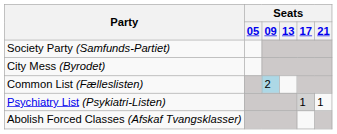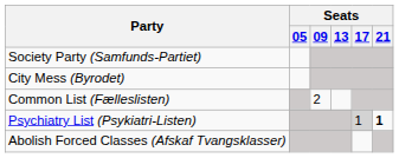 <table class="wikitable">
 <tr>
 <th rowspan=2>Party</th>
 <th colspan=11>Seats</th>
 </tr>
 <tr>
 <th><a href='#'>05</a></th>
 <th><a href='#'>09</a></th>
 <th><a href='#'>13</a></th>
 <th><a href='#'>17</a></th>
 <th><a href='#'>21</a></th>
 </tr>
 <tr>
 <td>Society Party <em>(Samfunds-Partiet)</em></td>
 <td></td>
 <td style="background:#CDC9C9;" colspan=4></td>
 </tr>
 <tr>
 <td>City Mess <em>(Byrodet)</em></td>
 <td></td>
 <td style="background:#CDC9C9;" colspan=4></td>
 </tr>
 <tr>
 <td>Common List <em>(Fælleslisten)</em></td>
 <td style="background:#CDC9C9;"></td>
-<td style="background: lightblue;">2</td>
+<td>2</td>
 <td></td>
 <td style="background:#CDC9C9;" colspan=2></td>
 </tr>
 <tr>
 <td><a href='#'>Psychiatry List</a> <em>(Psykiatri-Listen)</em></td>
 <td style="background:#CDC9C9;" colspan=3></td>
 <td style="background: lightgrey;">1</td>
-<td>1</td>
+<td><strong>1</strong></td>
 </tr>
 <tr>
 <td>Abolish Forced Classes <em>(Afskaf Tvangsklasser)</em></td>
 <td style="background:#CDC9C9;" colspan=3></td>
 <td></td>
 <td style="background:#CDC9C9;"></td>
 </tr>
 </table>
